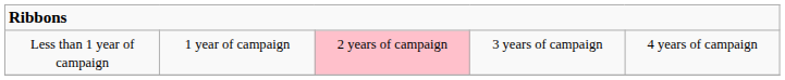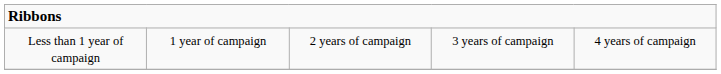 <table align=center class=wikitable width=60%>
 <tr>
 <td colspan=5><strong>Ribbons</strong></td>
 </tr>
 <tr>
 <td width=20% valign=top align=center><small>Less than 1 year of campaign</small></td>
 <td width=20% valign=top align=center><small>1 year of campaign</small></td>
-<td width=20% valign=top align=center style="background: pink;"><small>2 years of campaign</small></td>
+<td width=20% valign=top align=center><small>2 years of campaign</small></td>
 <td width=20% valign=top align=center><small>3 years of campaign</small></td>
 <td width=20% valign=top align=center><small>4 years of campaign</small></td>
 </tr>
 <tr>
 </tr>
 </table>
